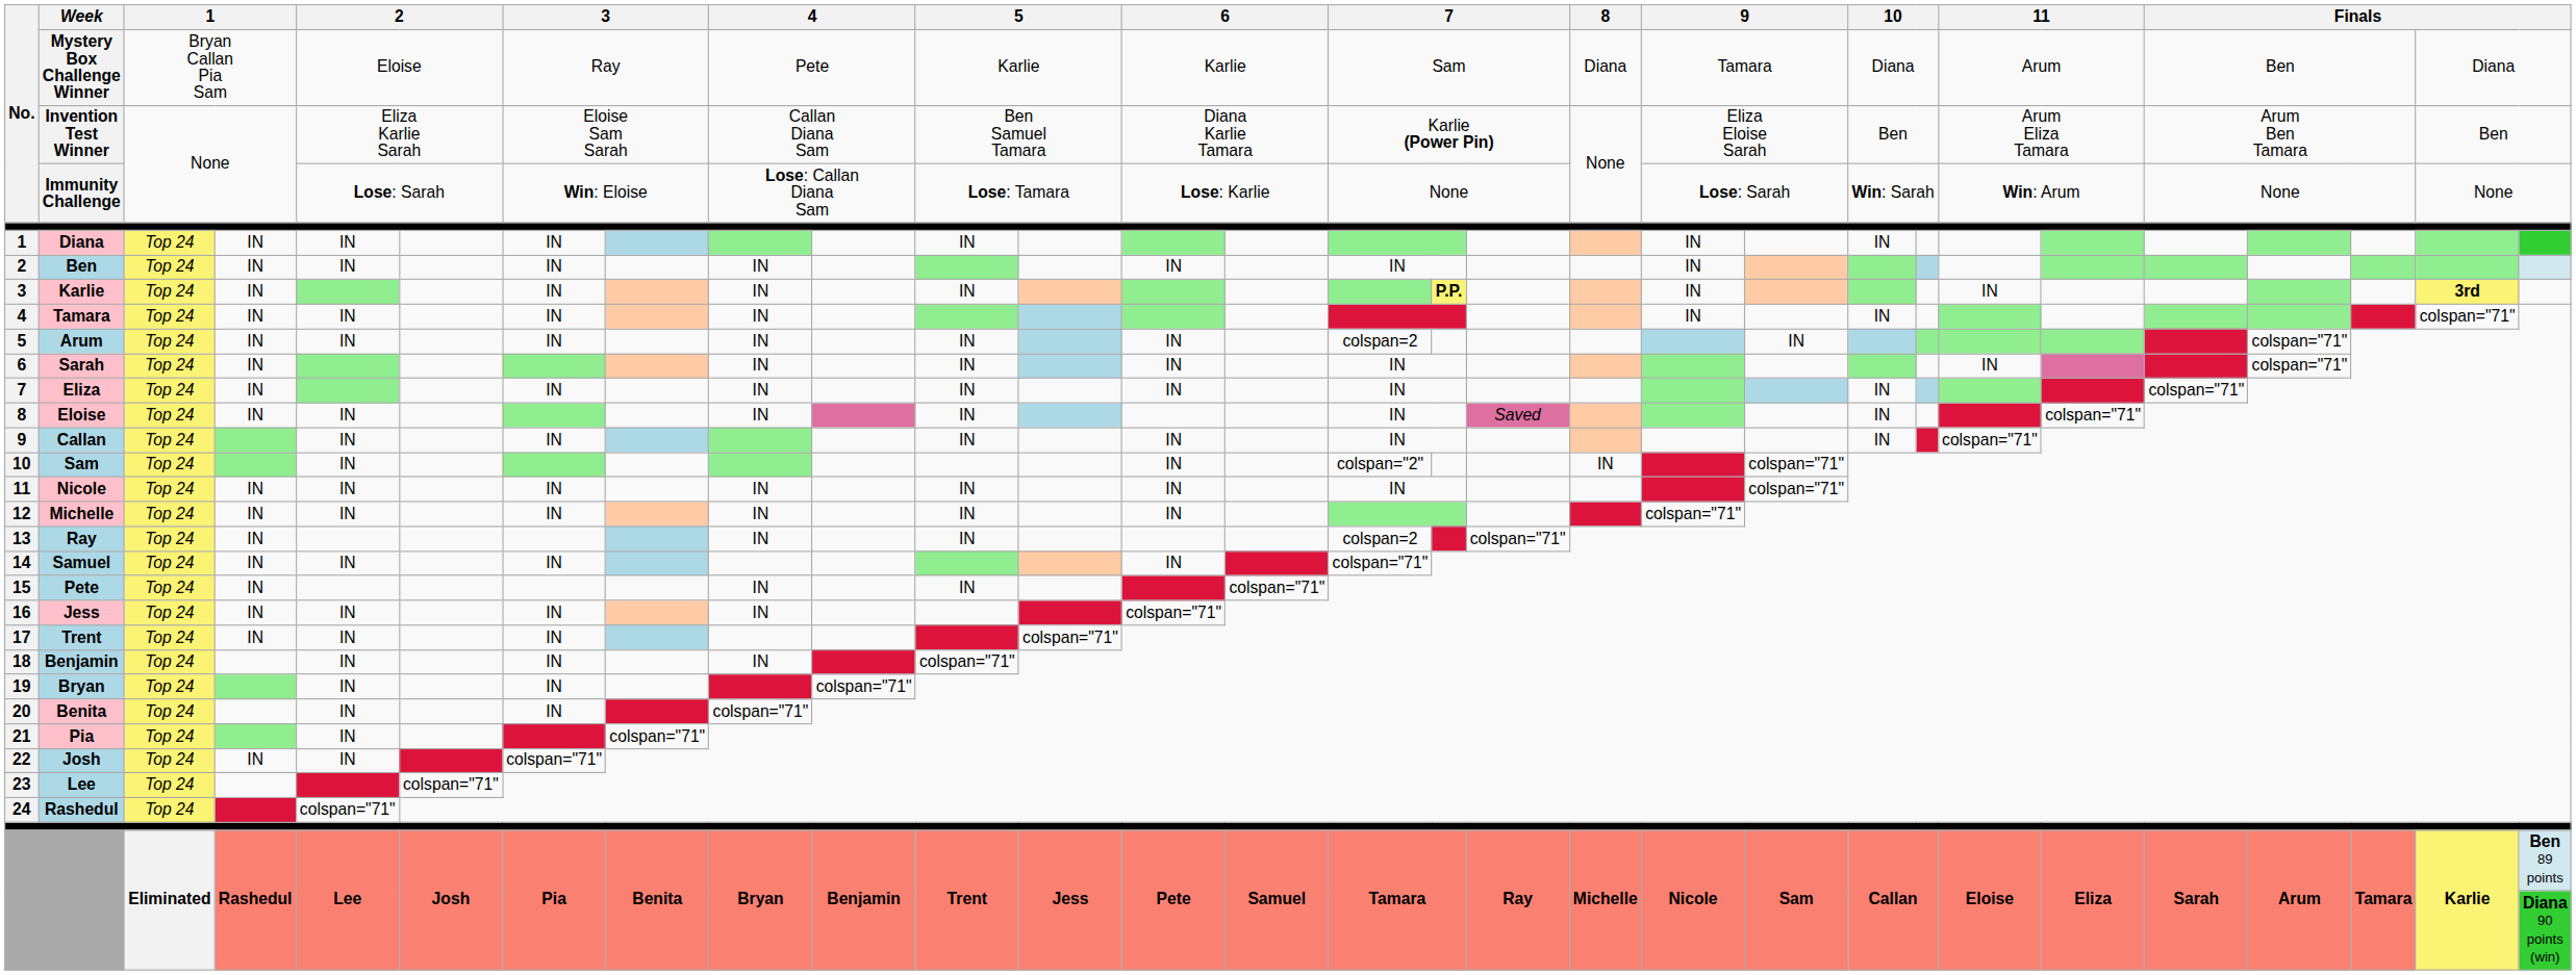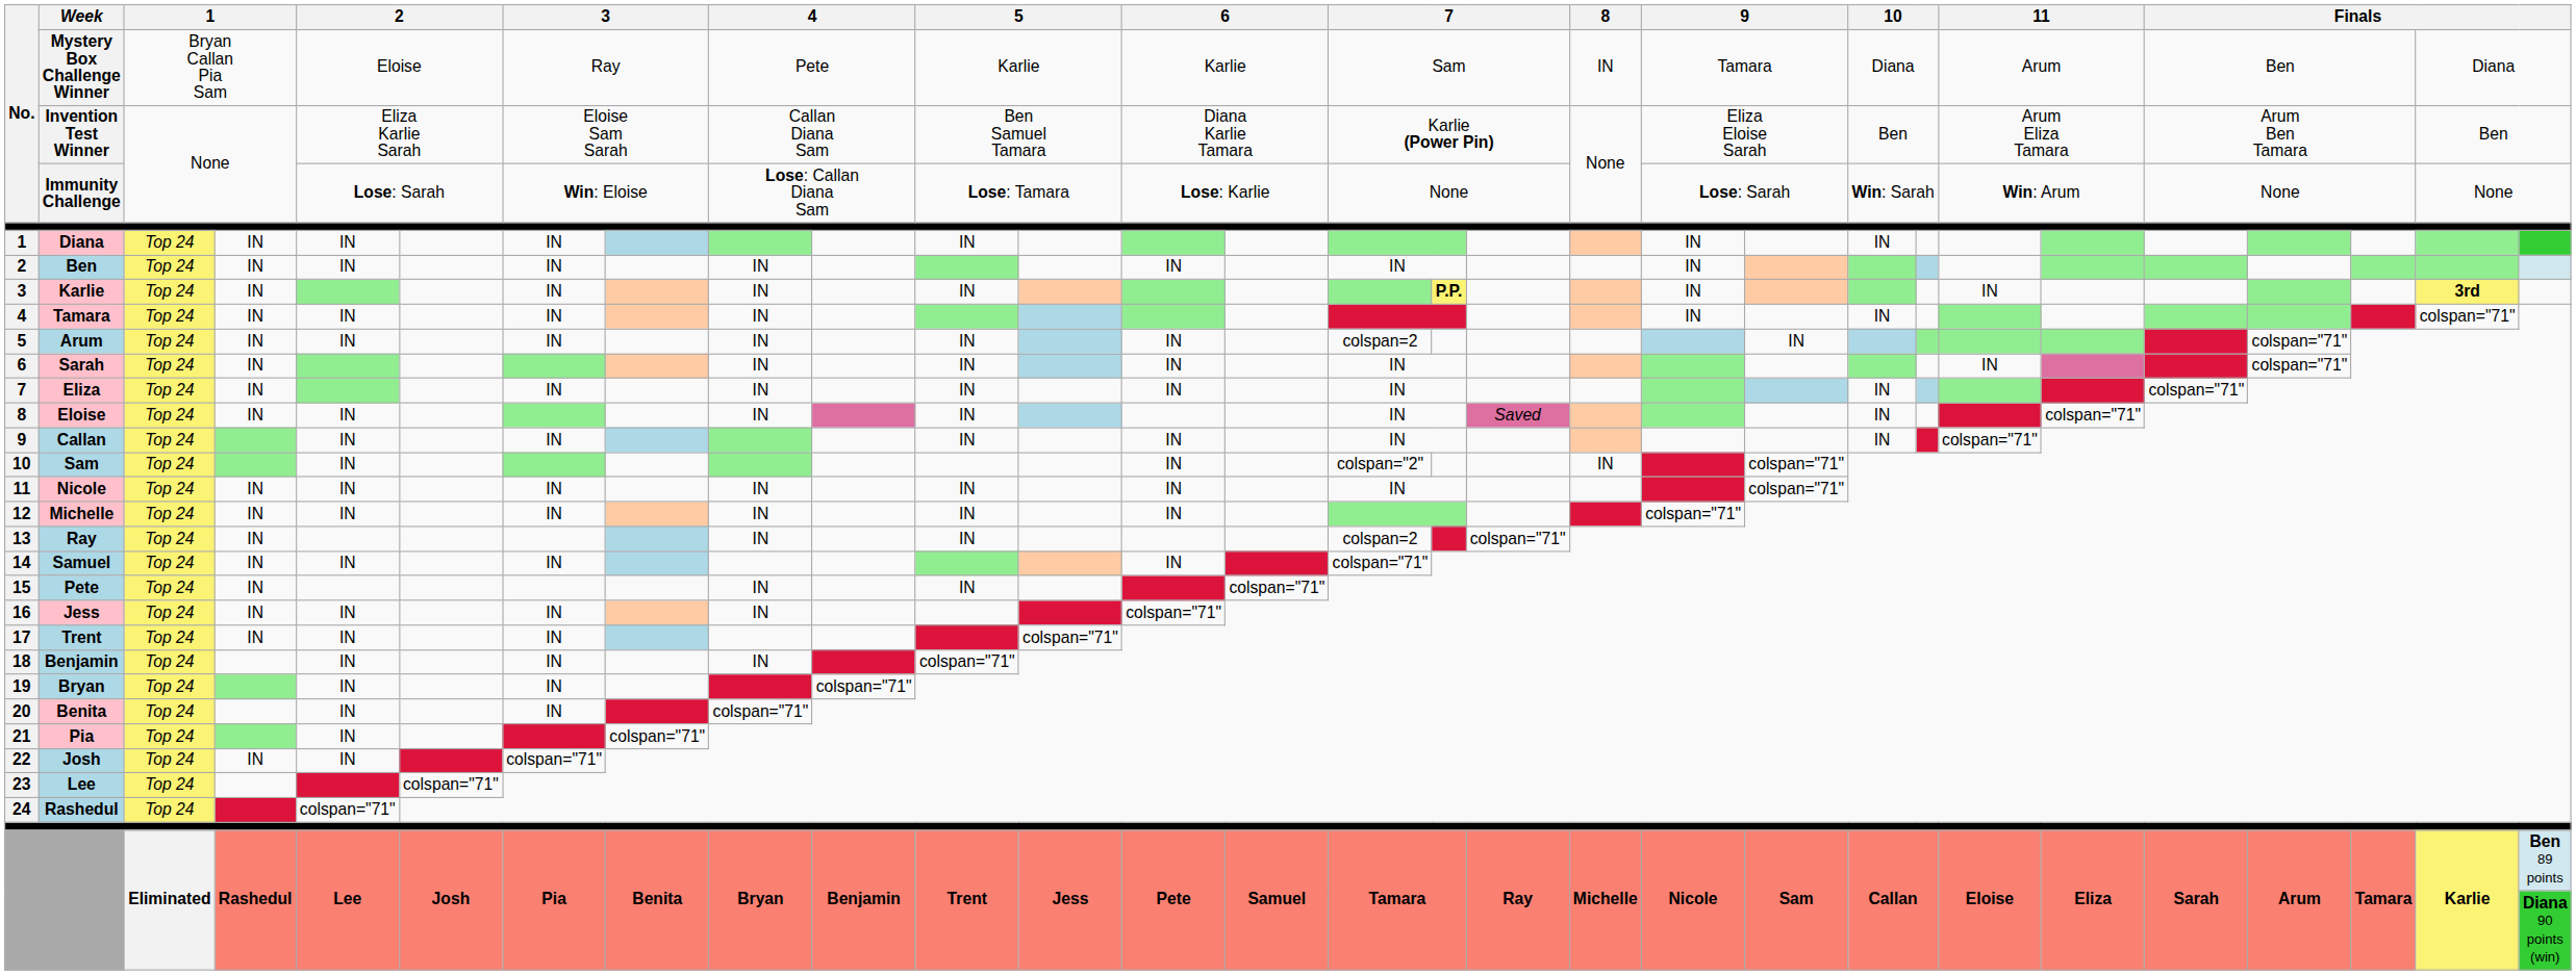 <table class="wikitable" style="text-align:center; width:120px; font-size:90%; line-height:15px">
 <tr>
 <th rowspan="4">No.</th>
 <th><em>Week</em></th>
 <th colspan=2>1</th>
 <th colspan=2>2</th>
 <th colspan=2>3</th>
 <th colspan=2>4</th>
 <th colspan=2>5</th>
 <th colspan=2>6</th>
 <th colspan=3>7</th>
 <th colspan=1>8</th>
 <th colspan=2>9</th>
 <th colspan=2>10</th>
 <th colspan=2>11</th>
 <th colspan=5>Finals</th>
 </tr>
 <tr>
 <th>Mystery<br>Box<br>Challenge<br>Winner</th>
 <td colspan=2>Bryan<br>Callan<br>Pia<br>Sam</td>
 <td colspan=2>Eloise</td>
 <td colspan=2>Ray</td>
 <td colspan=2>Pete</td>
 <td colspan=2>Karlie</td>
 <td colspan=2>Karlie</td>
 <td colspan=3>Sam</td>
-<td colspan=1>Diana</td>
+<td>IN</td>
 <td colspan=2>Tamara</td>
 <td colspan=2>Diana</td>
 <td colspan=2>Arum</td>
 <td colspan=3>Ben</td>
 <td colspan=2>Diana</td>
 </tr>
 <tr>
 <th>Invention<br>Test<br>Winner</th>
 <td colspan="2" rowspan="2">None</td>
 <td colspan="2">Eliza<br>Karlie<br>Sarah</td>
 <td colspan="2">Eloise<br>Sam<br>Sarah</td>
 <td colspan="2">Callan<br>Diana<br>Sam</td>
 <td colspan="2">Ben<br>Samuel<br>Tamara</td>
 <td colspan="2">Diana<br>Karlie<br>Tamara</td>
 <td colspan="3">Karlie<br><strong>(Power Pin)</strong></td>
 <td colspan="1" rowspan="2">None</td>
 <td colspan="2">Eliza<br>Eloise<br>Sarah</td>
 <td colspan="2">Ben</td>
 <td colspan="2">Arum<br>Eliza<br>Tamara</td>
 <td colspan="3">Arum<br>Ben<br>Tamara</td>
 <td colspan="2">Ben</td>
 </tr>
 <tr>
 <th>Immunity<br>Challenge</th>
 <td colspan="2"><strong>Lose</strong>: Sarah</td>
 <td colspan="2"><strong>Win</strong>: Eloise</td>
 <td colspan="2"><strong>Lose</strong>: Callan<br>Diana<br>Sam</td>
 <td colspan="2"><strong>Lose</strong>: Tamara</td>
 <td colspan="2"><strong>Lose</strong>: Karlie</td>
 <td colspan="3">None</td>
 <td colspan="2"><strong>Lose</strong>: Sarah</td>
 <td nowrap colspan="2"><strong>Win</strong>: Sarah</td>
 <td nowrap colspan="2"><strong>Win</strong>: Arum</td>
 <td colspan="3">None</td>
 <td colspan="2">None</td>
 </tr>
 <tr>
 <td colspan="29" style="background:black;"></td>
 </tr>
 <tr>
 <th>1</th>
 <th style="background:pink;">Diana</th>
 <td style="background:#fbf373;"><em>Top 24</em></td>
 <td>IN</td>
 <td>IN</td>
 <td></td>
 <td>IN</td>
 <td style="background:lightblue;"></td>
 <td style="background:lightgreen;"></td>
 <td></td>
 <td>IN</td>
 <td></td>
 <td style="background:lightgreen;"></td>
 <td></td>
 <td colspan=2 style="background:lightgreen;"></td>
 <td></td>
 <td style="background:#FFCBA4;"></td>
 <td>IN</td>
 <td></td>
 <td>IN</td>
 <td></td>
 <td></td>
 <td style="background:lightgreen;"></td>
 <td></td>
 <td style="background:lightgreen;"></td>
 <td></td>
 <td style="background:lightgreen;"></td>
 <td style="background:limegreen;"></td>
 </tr>
 <tr>
 <th>2</th>
 <th style="background:lightblue;">Ben</th>
 <td style="background:#fbf373;"><em>Top 24</em></td>
 <td>IN</td>
 <td>IN</td>
 <td></td>
 <td>IN</td>
 <td></td>
 <td>IN</td>
 <td></td>
 <td style="background:lightgreen;"></td>
 <td></td>
 <td>IN</td>
 <td></td>
 <td colspan=2>IN</td>
 <td></td>
 <td></td>
 <td>IN</td>
 <td style="background:#FFCBA4;"></td>
 <td style="background:lightgreen;"></td>
 <td style="background:lightblue;"></td>
 <td></td>
 <td style="background:lightgreen;"></td>
 <td style="background:lightgreen;"></td>
 <td></td>
 <td style="background:lightgreen;"></td>
 <td style="background:lightgreen;"></td>
 <td style="background:#d1e8ef;"></td>
 </tr>
 <tr>
 <th>3</th>
 <th style="background:pink;">Karlie</th>
 <td style="background:#fbf373;"><em>Top 24</em></td>
 <td>IN</td>
 <td style="background:lightgreen;"></td>
 <td></td>
 <td>IN</td>
 <td style="background:#FFCBA4;"></td>
 <td>IN</td>
 <td></td>
 <td>IN</td>
 <td style="background:#FFCBA4;"></td>
 <td style="background:lightgreen;"></td>
 <td></td>
 <td style="background:lightgreen;"></td>
 <td style="background:#fbf373;"><strong>P.P.</strong></td>
 <td></td>
 <td style="background:#FFCBA4;"></td>
 <td>IN</td>
 <td style="background:#FFCBA4;"></td>
 <td style="background:lightgreen;"></td>
 <td></td>
 <td>IN</td>
 <td></td>
 <td></td>
 <td style="background:lightgreen;"></td>
 <td></td>
 <td style="background:#fbf373;"><strong>3rd</strong></td>
 <td></td>
 </tr>
 <tr>
 <th>4</th>
 <th style="background:pink;">Tamara</th>
 <td style="background:#fbf373;"><em>Top 24</em></td>
 <td>IN</td>
 <td>IN</td>
 <td></td>
 <td>IN</td>
 <td style="background:#FFCBA4;"></td>
 <td>IN</td>
 <td></td>
 <td style="background:lightgreen;"></td>
 <td style="background:lightblue;"></td>
 <td style="background:lightgreen;"></td>
 <td></td>
 <td colspan=2 style="background:crimson;"></td>
 <td></td>
 <td style="background:#FFCBA4;"></td>
 <td>IN</td>
 <td></td>
 <td>IN</td>
 <td></td>
 <td style="background:lightgreen;"></td>
 <td></td>
 <td style="background:lightgreen;"></td>
 <td style="background:lightgreen;"></td>
 <td style="background:crimson;"></td>
 <td>colspan="71" </td>
 </tr>
 <tr>
 <th>5</th>
 <th style="background:lightblue;">Arum</th>
 <td nowrap style="background:#fbf373;"><em>Top 24</em></td>
 <td>IN</td>
 <td>IN</td>
 <td></td>
 <td>IN</td>
 <td></td>
 <td>IN</td>
 <td></td>
 <td>IN</td>
 <td style="background:lightblue;"></td>
 <td>IN</td>
 <td></td>
 <td>colspan=2 </td>
 <td></td>
 <td></td>
 <td></td>
 <td style="background:lightblue;"></td>
 <td>IN</td>
 <td style="background:lightblue;"></td>
 <td style="background:lightgreen;"></td>
 <td style="background:lightgreen;"></td>
 <td style="background:lightgreen;"></td>
 <td style="background:crimson;"></td>
 <td>colspan="71" </td>
 </tr>
 <tr>
 <th>6</th>
 <th style="background:pink;">Sarah</th>
 <td style="background:#fbf373;"><em>Top 24</em></td>
 <td>IN</td>
 <td style="background:lightgreen;"></td>
 <td></td>
 <td style="background:lightgreen;"></td>
 <td style="background:#FFCBA4;"></td>
 <td>IN</td>
 <td></td>
 <td>IN</td>
 <td style="background:lightblue;"></td>
 <td>IN</td>
 <td></td>
 <td colspan=2>IN</td>
 <td></td>
 <td style="background:#FFCBA4;"></td>
 <td style="background:lightgreen;"></td>
 <td></td>
 <td style="background:lightgreen;"></td>
 <td></td>
 <td>IN</td>
 <td style="background:#de6fa1;"></td>
 <td style="background:crimson;"></td>
 <td>colspan="71" </td>
 </tr>
 <tr>
 <th>7</th>
 <th style="background:pink;">Eliza</th>
 <td style="background:#fbf373;"><em>Top 24</em></td>
 <td>IN</td>
 <td style="background:lightgreen;"></td>
 <td></td>
 <td>IN</td>
 <td></td>
 <td>IN</td>
 <td></td>
 <td>IN</td>
 <td></td>
 <td>IN</td>
 <td></td>
 <td colspan=2>IN</td>
 <td></td>
 <td></td>
 <td style="background:lightgreen;"></td>
 <td style="background:lightblue;"></td>
 <td>IN</td>
 <td style="background:lightblue;"></td>
 <td style="background:lightgreen;"></td>
 <td style="background:crimson;"></td>
 <td>colspan="71" </td>
 </tr>
 <tr>
 <th>8</th>
 <th style="background:pink;">Eloise</th>
 <td style="background:#fbf373;"><em>Top 24</em></td>
 <td>IN</td>
 <td>IN</td>
 <td></td>
 <td style="background:lightgreen;"></td>
 <td></td>
 <td>IN</td>
 <td style="background:#de6fa1;"></td>
 <td>IN</td>
 <td style="background:lightblue;"></td>
 <td></td>
 <td></td>
 <td colspan=2>IN</td>
 <td style="background:#de6fa1;"><em>Saved</em></td>
 <td style="background:#FFCBA4;"></td>
 <td style="background:lightgreen;"></td>
 <td></td>
 <td>IN</td>
 <td></td>
 <td style="background:crimson;"></td>
 <td>colspan="71" </td>
 </tr>
 <tr>
 <th>9</th>
 <th style="background:lightblue;">Callan</th>
 <td style="background:#fbf373;"><em>Top 24</em></td>
 <td style="background:lightgreen;"></td>
 <td>IN</td>
 <td></td>
 <td>IN</td>
 <td style="background:lightblue;"></td>
 <td style="background:lightgreen;"></td>
 <td></td>
 <td>IN</td>
 <td></td>
 <td>IN</td>
 <td></td>
 <td colspan=2>IN</td>
 <td></td>
 <td style="background:#FFCBA4;"></td>
 <td></td>
 <td></td>
 <td>IN</td>
 <td style="background:crimson;"></td>
 <td>colspan="71" </td>
 </tr>
 <tr>
 <th>10</th>
 <th style="background:lightblue;">Sam</th>
 <td style="background:#fbf373;"><em>Top 24</em></td>
 <td style="background:lightgreen;"></td>
 <td>IN</td>
 <td></td>
 <td style="background:lightgreen;"></td>
 <td></td>
 <td style="background:lightgreen;"></td>
 <td></td>
 <td></td>
 <td></td>
 <td>IN</td>
 <td></td>
 <td>colspan="2" </td>
 <td></td>
 <td></td>
 <td>IN</td>
 <td style="background:crimson;"></td>
 <td>colspan="71" </td>
 </tr>
 <tr>
 <th>11</th>
 <th style="background:pink;">Nicole</th>
 <td style="background:#fbf373;"><em>Top 24</em></td>
 <td>IN</td>
 <td>IN</td>
 <td></td>
 <td>IN</td>
 <td></td>
 <td>IN</td>
 <td></td>
 <td>IN</td>
 <td></td>
 <td>IN</td>
 <td></td>
 <td colspan=2>IN</td>
 <td></td>
 <td></td>
 <td style="background:crimson;"></td>
 <td>colspan="71" </td>
 </tr>
 <tr>
 <th>12</th>
 <th style="background:pink;">Michelle</th>
 <td style="background:#fbf373;"><em>Top 24</em></td>
 <td>IN</td>
 <td>IN</td>
 <td></td>
 <td>IN</td>
 <td style="background:#FFCBA4;"></td>
 <td>IN</td>
 <td></td>
 <td>IN</td>
 <td></td>
 <td>IN</td>
 <td></td>
 <td colspan=2 style="background:lightgreen;"></td>
 <td></td>
 <td style="background:crimson;"></td>
 <td>colspan="71" </td>
 </tr>
 <tr>
 <th>13</th>
 <th style="background:lightblue;">Ray</th>
 <td style="background:#fbf373;"><em>Top 24</em></td>
 <td>IN</td>
 <td></td>
 <td></td>
 <td></td>
 <td style="background:lightblue;"></td>
 <td>IN</td>
 <td></td>
 <td>IN</td>
 <td></td>
 <td></td>
 <td></td>
 <td>colspan=2 </td>
 <td style="background:crimson;"></td>
 <td>colspan="71" </td>
 </tr>
 <tr>
 <th>14</th>
 <th style="background:lightblue;">Samuel</th>
 <td style="background:#fbf373;"><em>Top 24</em></td>
 <td>IN</td>
 <td>IN</td>
 <td></td>
 <td>IN</td>
 <td style="background:lightblue;"></td>
 <td></td>
 <td></td>
 <td style="background:lightgreen;"></td>
 <td style="background:#FFCBA4;"></td>
 <td>IN</td>
 <td style="background:crimson;"></td>
 <td>colspan="71" </td>
 </tr>
 <tr>
 <th>15</th>
 <th style="background:lightblue;">Pete</th>
 <td style="background:#fbf373;"><em>Top 24</em></td>
 <td>IN</td>
 <td></td>
 <td></td>
 <td></td>
 <td></td>
 <td>IN</td>
 <td></td>
 <td>IN</td>
 <td></td>
 <td style="background:crimson;"></td>
 <td>colspan="71" </td>
 </tr>
 <tr>
 <th>16</th>
 <th style="background:pink;">Jess</th>
 <td style="background:#fbf373;"><em>Top 24</em></td>
 <td>IN</td>
 <td>IN</td>
 <td></td>
 <td>IN</td>
 <td style="background:#FFCBA4;"></td>
 <td>IN</td>
 <td></td>
 <td></td>
 <td style="background:crimson;"></td>
 <td>colspan="71" </td>
 </tr>
 <tr>
 <th>17</th>
 <th style="background:lightblue;">Trent</th>
 <td style="background:#fbf373;"><em>Top 24</em></td>
 <td>IN</td>
 <td>IN</td>
 <td></td>
 <td>IN</td>
 <td style="background:lightblue;"></td>
 <td></td>
 <td></td>
 <td style="background:crimson;"></td>
 <td>colspan="71" </td>
 </tr>
 <tr>
 <th>18</th>
 <th style="background:lightblue;">Benjamin</th>
 <td style="background:#fbf373;"><em>Top 24</em></td>
 <td></td>
 <td>IN</td>
 <td></td>
 <td>IN</td>
 <td></td>
 <td>IN</td>
 <td style="background:crimson;"></td>
 <td>colspan="71" </td>
 </tr>
 <tr>
 <th>19</th>
 <th style="background:lightblue;">Bryan</th>
 <td style="background:#fbf373;"><em>Top 24</em></td>
 <td style="background:lightgreen;"></td>
 <td>IN</td>
 <td></td>
 <td>IN</td>
 <td></td>
 <td style="background:crimson;"></td>
 <td>colspan="71" </td>
 </tr>
 <tr>
 <th>20</th>
 <th style="background:pink;">Benita</th>
 <td style="background:#fbf373;"><em>Top 24</em></td>
 <td></td>
 <td>IN</td>
 <td></td>
 <td>IN</td>
 <td style="background:crimson;"></td>
 <td>colspan="71" </td>
 </tr>
 <tr>
 <th>21</th>
 <th style="background:pink;">Pia</th>
 <td style="background:#fbf373;"><em>Top 24</em></td>
 <td style="background:lightgreen;"></td>
 <td>IN</td>
 <td></td>
 <td style="background:crimson;"></td>
 <td>colspan="71" </td>
 </tr>
 <tr>
 <th>22</th>
 <th style="background:lightblue;">Josh</th>
 <td style="background:#fbf373;"><em>Top 24</em></td>
 <td>IN</td>
 <td>IN</td>
 <td style="background:crimson;"></td>
 <td>colspan="71" </td>
 </tr>
 <tr>
 <th>23</th>
 <th style="background:lightblue;">Lee</th>
 <td style="background:#fbf373;"><em>Top 24</em></td>
 <td></td>
 <td style="background:crimson;"></td>
 <td>colspan="71" </td>
 </tr>
 <tr>
 <th>24</th>
 <th style="background:lightblue;">Rashedul</th>
 <td style="background:#fbf373;"><em>Top 24</em></td>
 <td style="background:crimson;"></td>
 <td>colspan="71" </td>
 </tr>
 <tr>
 <td colspan="29" style="background:black;"></td>
 </tr>
 <tr>
 <td colspan="2" rowspan="3" style="background:darkgray;"></td>
 <th rowspan="2">Eliminated</th>
 <td rowspan="2" style="background:salmon;"><strong>Rashedul</strong></td>
 <td rowspan="2" style="background:salmon;"><strong>Lee</strong></td>
 <td rowspan="2" style="background:salmon;"><strong>Josh</strong></td>
 <td rowspan="2" style="background:salmon;"><strong>Pia</strong></td>
 <td rowspan="2" style="background:salmon;"><strong>Benita</strong></td>
 <td rowspan="2" style="background:salmon;"><strong>Bryan</strong></td>
 <td rowspan="2" style="background:salmon;"><strong>Benjamin</strong></td>
 <td rowspan="2" style="background:salmon;"><strong>Trent</strong></td>
 <td rowspan="2" style="background:salmon;"><strong>Jess</strong></td>
 <td rowspan="2" style="background:salmon;"><strong>Pete</strong></td>
 <td rowspan="2" style="background:salmon;"><strong>Samuel</strong></td>
 <td rowspan="2" colspan="2" style="background:salmon;"><strong>Tamara</strong><br></td>
 <td rowspan="2" style="background:salmon;"><strong>Ray</strong></td>
 <td rowspan="2" style="background:salmon;"><strong>Michelle</strong></td>
 <td rowspan="2" style="background:salmon;"><strong>Nicole</strong></td>
 <td rowspan="2" style="background:salmon;"><strong>Sam</strong></td>
 <td rowspan="2" colspan="2" style="background:salmon;"><strong>Callan</strong></td>
 <td rowspan="2" style="background:salmon;"><strong>Eloise</strong></td>
 <td rowspan="2" style="background:salmon;"><strong>Eliza</strong></td>
 <td rowspan="2" style="background:salmon;"><strong>Sarah</strong></td>
 <td rowspan="2" style="background:salmon;"><strong>Arum</strong></td>
 <td rowspan="2" style="background:salmon;"><strong>Tamara</strong><br></td>
 <td rowspan="2" style="background:#fbf373;"><strong>Karlie</strong></td>
 <td style="background:#d1e8ef;"><strong>Ben</strong><br><small> 89 points</small></td>
 </tr>
 <tr>
 <td style="background:limegreen;"><strong>Diana</strong><br><small> 90 points (win)</small></td>
 </tr>
 </table>
